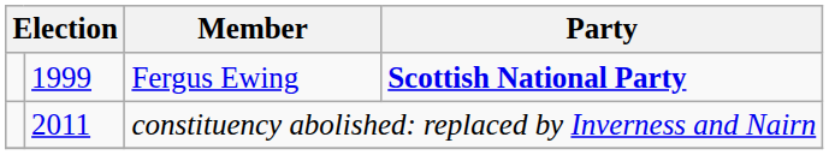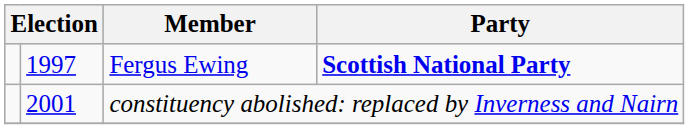 <table class="wikitable">
 <tr>
 <th colspan="2">Election</th>
 <th>Member</th>
 <th>Party</th>
 </tr>
 <tr>
 <td style="background-color: "></td>
-<td><a href='#'>1999</a></td>
+<td><a href='#'>1997</a></td>
 <td><a href='#'>Fergus Ewing</a></td>
 <td><strong><a href='#'>Scottish National Party</a></strong></td>
 </tr>
 <tr>
 <td style="background-color:"></td>
-<td><a href='#'>2011</a></td>
+<td><a href='#'>2001</a></td>
 <td colspan="3"><em>constituency abolished: replaced by <a href='#'>Inverness and Nairn</a></em></td>
 </tr>
 <tr>
 </tr>
 </table>
